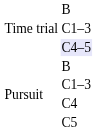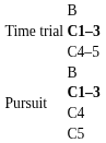 <table>
 <tr>
 <td rowspan=3>Time trial<br></td>
 <td>B</td>
 <td></td>
 <td></td>
 <td></td>
 </tr>
 <tr>
-<td>C1–3</td>
+<td><strong>C1–3</strong></td>
 <td></td>
 <td></td>
 <td></td>
 </tr>
 <tr>
-<td style="background: lavender;">C4–5</td>
+<td>C4–5</td>
 <td></td>
 <td></td>
 <td></td>
 </tr>
 <tr>
 <td rowspan=4>Pursuit<br></td>
 <td>B</td>
 <td></td>
 <td></td>
 <td></td>
 </tr>
 <tr>
-<td>C1–3</td>
+<td><strong>C1–3</strong></td>
 <td></td>
 <td></td>
 <td></td>
 </tr>
 <tr>
 <td>C4</td>
 <td></td>
 <td></td>
 <td></td>
 </tr>
 <tr>
 <td>C5</td>
 <td></td>
 <td></td>
 <td></td>
 </tr>
 </table>
